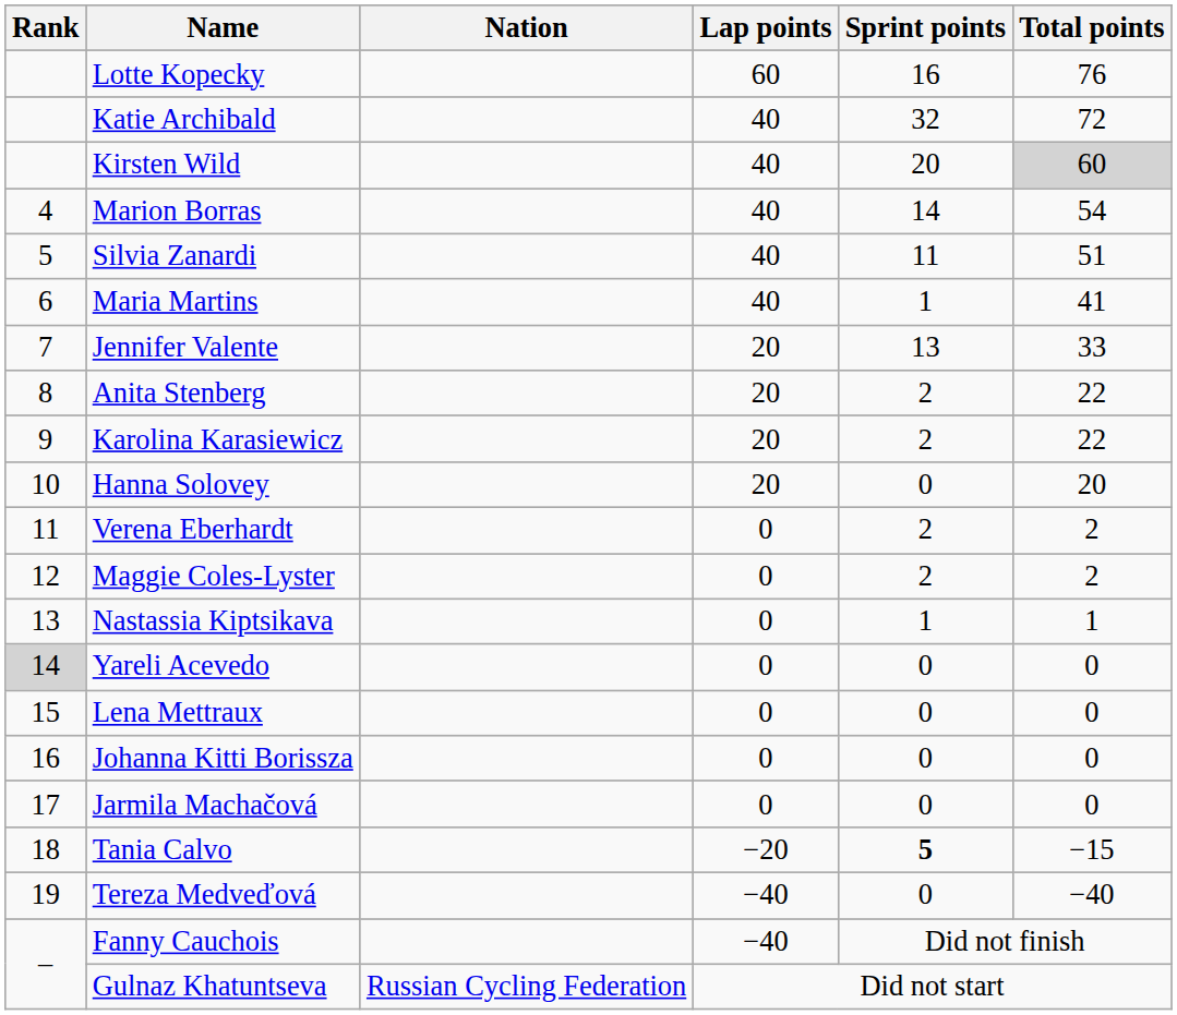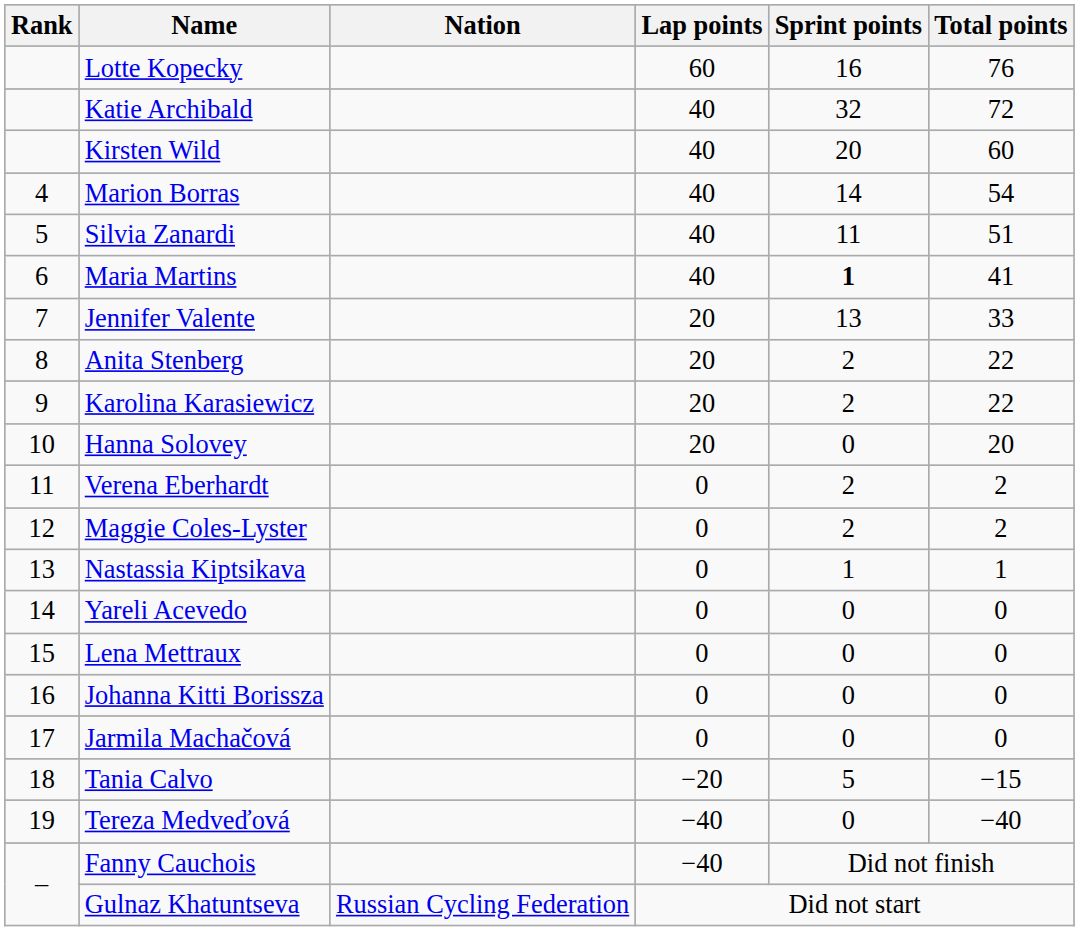 <table class="wikitable sortable" style="text-align:center">
 <tr>
 <th>Rank</th>
 <th>Name</th>
 <th>Nation</th>
 <th>Lap points</th>
 <th>Sprint points</th>
 <th>Total points</th>
 </tr>
 <tr>
 <td></td>
 <td align=left><a href='#'>Lotte Kopecky</a></td>
 <td align=left></td>
 <td>60</td>
 <td>16</td>
 <td>76</td>
 </tr>
 <tr>
 <td></td>
 <td align=left><a href='#'>Katie Archibald</a></td>
 <td align=left></td>
 <td>40</td>
 <td>32</td>
 <td>72</td>
 </tr>
 <tr>
 <td></td>
 <td align=left><a href='#'>Kirsten Wild</a></td>
 <td align=left></td>
 <td>40</td>
 <td>20</td>
-<td style="background: lightgrey;">60</td>
+<td>60</td>
 </tr>
 <tr>
 <td>4</td>
 <td align=left><a href='#'>Marion Borras</a></td>
 <td align=left></td>
 <td>40</td>
 <td>14</td>
 <td>54</td>
 </tr>
 <tr>
 <td>5</td>
 <td align=left><a href='#'>Silvia Zanardi</a></td>
 <td align=left></td>
 <td>40</td>
 <td>11</td>
 <td>51</td>
 </tr>
 <tr>
 <td>6</td>
 <td align=left><a href='#'>Maria Martins</a></td>
 <td align=left></td>
 <td>40</td>
-<td>1</td>
+<td><strong>1</strong></td>
 <td>41</td>
 </tr>
 <tr>
 <td>7</td>
 <td align=left><a href='#'>Jennifer Valente</a></td>
 <td align=left></td>
 <td>20</td>
 <td>13</td>
 <td>33</td>
 </tr>
 <tr>
 <td>8</td>
 <td align=left><a href='#'>Anita Stenberg</a></td>
 <td align=left></td>
 <td>20</td>
 <td>2</td>
 <td>22</td>
 </tr>
 <tr>
 <td>9</td>
 <td align=left><a href='#'>Karolina Karasiewicz</a></td>
 <td align=left></td>
 <td>20</td>
 <td>2</td>
 <td>22</td>
 </tr>
 <tr>
 <td>10</td>
 <td align=left><a href='#'>Hanna Solovey</a></td>
 <td align=left></td>
 <td>20</td>
 <td>0</td>
 <td>20</td>
 </tr>
 <tr>
 <td>11</td>
 <td align=left><a href='#'>Verena Eberhardt</a></td>
 <td align=left></td>
 <td>0</td>
 <td>2</td>
 <td>2</td>
 </tr>
 <tr>
 <td>12</td>
 <td align=left><a href='#'>Maggie Coles-Lyster</a></td>
 <td align=left></td>
 <td>0</td>
 <td>2</td>
 <td>2</td>
 </tr>
 <tr>
 <td>13</td>
 <td align=left><a href='#'>Nastassia Kiptsikava</a></td>
 <td align=left></td>
 <td>0</td>
 <td>1</td>
 <td>1</td>
 </tr>
 <tr>
-<td style="background: lightgrey;">14</td>
+<td>14</td>
 <td align=left><a href='#'>Yareli Acevedo</a></td>
 <td align=left></td>
 <td>0</td>
 <td>0</td>
 <td>0</td>
 </tr>
 <tr>
 <td>15</td>
 <td align=left><a href='#'>Lena Mettraux</a></td>
 <td align=left></td>
 <td>0</td>
 <td>0</td>
 <td>0</td>
 </tr>
 <tr>
 <td>16</td>
 <td align=left><a href='#'>Johanna Kitti Borissza</a></td>
 <td align=left></td>
 <td>0</td>
 <td>0</td>
 <td>0</td>
 </tr>
 <tr>
 <td>17</td>
 <td align=left><a href='#'>Jarmila Machačová</a></td>
 <td align=left></td>
 <td>0</td>
 <td>0</td>
 <td>0</td>
 </tr>
 <tr>
 <td>18</td>
 <td align=left><a href='#'>Tania Calvo</a></td>
 <td align=left></td>
 <td>−20</td>
-<td><strong>5</strong></td>
+<td>5</td>
 <td>−15</td>
 </tr>
 <tr>
 <td>19</td>
 <td align=left><a href='#'>Tereza Medveďová</a></td>
 <td align=left></td>
 <td>−40</td>
 <td>0</td>
 <td>−40</td>
 </tr>
 <tr>
 <td rowspan=2>–</td>
 <td align=left><a href='#'>Fanny Cauchois</a></td>
 <td align=left></td>
 <td>−40</td>
 <td colspan=2>Did not finish</td>
 </tr>
 <tr>
 <td align=left><a href='#'>Gulnaz Khatuntseva</a></td>
 <td align=left><a href='#'>Russian Cycling Federation</a></td>
 <td colspan=3>Did not start</td>
 </tr>
 </table>
